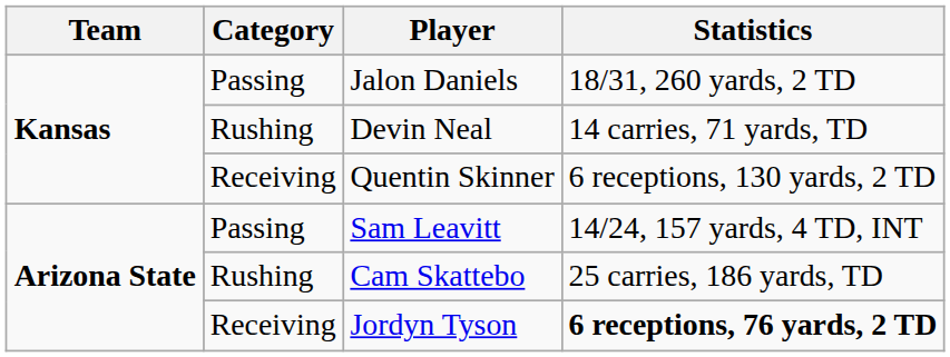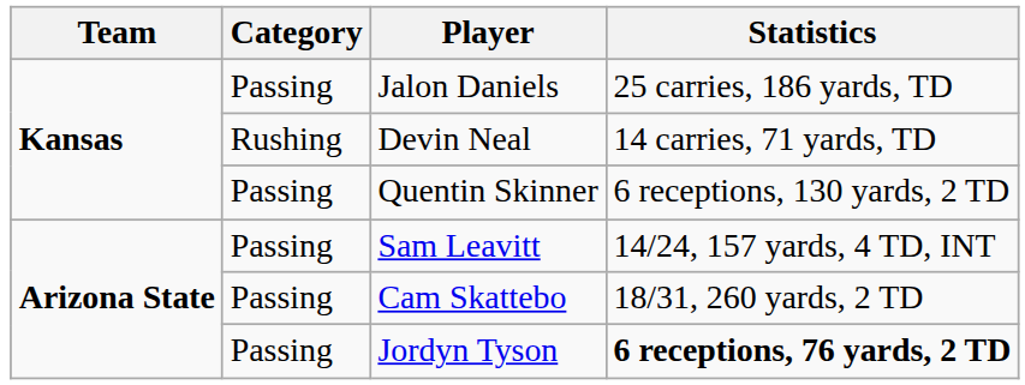 <table class="wikitable" style="float: right;">
 <tr>
 <th>Team</th>
 <th>Category</th>
 <th>Player</th>
 <th>Statistics</th>
 </tr>
 <tr>
 <td rowspan=3><strong>Kansas</strong></td>
 <td>Passing</td>
 <td>Jalon Daniels</td>
-<td>18/31, 260 yards, 2 TD</td>
+<td>25 carries, 186 yards, TD</td>
 </tr>
 <tr>
 <td>Rushing</td>
 <td>Devin Neal</td>
 <td>14 carries, 71 yards, TD</td>
 </tr>
 <tr>
-<td>Receiving</td>
+<td>Passing</td>
 <td>Quentin Skinner</td>
 <td>6 receptions, 130 yards, 2 TD</td>
 </tr>
 <tr>
 <td rowspan=3><strong>Arizona State</strong></td>
 <td>Passing</td>
 <td><a href='#'>Sam Leavitt</a></td>
 <td>14/24, 157 yards, 4 TD, INT</td>
 </tr>
 <tr>
-<td>Rushing</td>
+<td>Passing</td>
 <td><a href='#'>Cam Skattebo</a></td>
-<td>25 carries, 186 yards, TD</td>
+<td>18/31, 260 yards, 2 TD</td>
 </tr>
 <tr>
-<td>Receiving</td>
+<td>Passing</td>
 <td><a href='#'>Jordyn Tyson</a></td>
 <td><strong>6 receptions, 76 yards, 2 TD</strong></td>
 </tr>
 </table>
